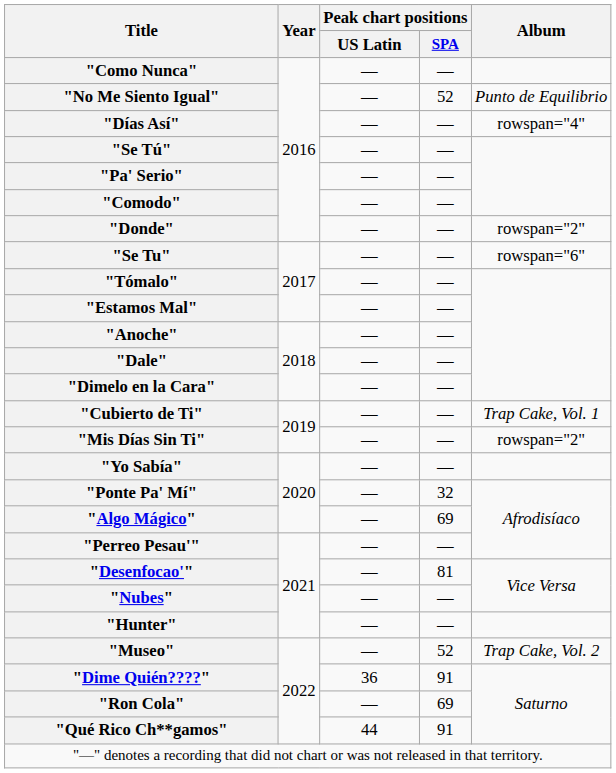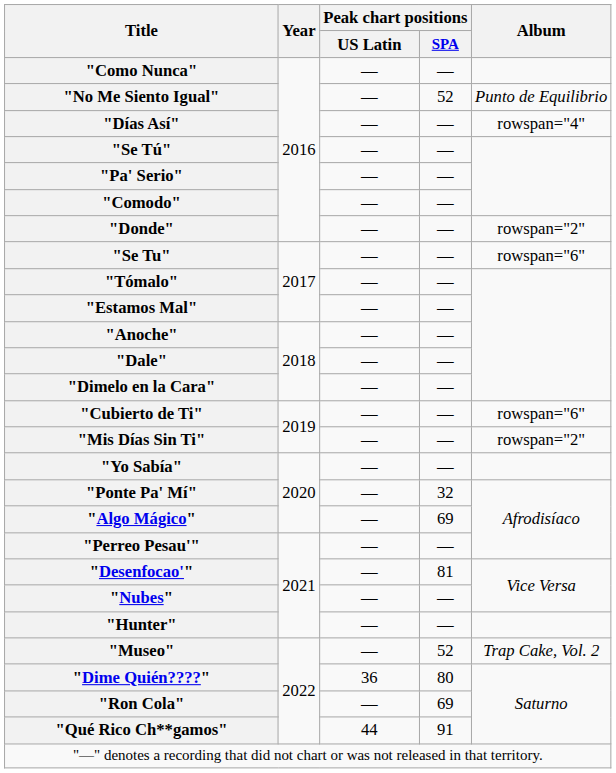 <table class="wikitable plainrowheaders" style="text-align:center;">
 <tr>
 <th scope="col" rowspan="2" style="width:16em;">Title</th>
 <th scope="col" rowspan="2">Year</th>
 <th colspan="2">Peak chart positions</th>
 <th scope="col" rowspan="2">Album</th>
 </tr>
 <tr>
 <th>US Latin</th>
 <th scope="col" style="width:3em;font-size:90%;"><a href='#'>SPA</a><br></th>
 </tr>
 <tr>
 <th scope="row">"Como Nunca"<br></th>
 <td rowspan="7">2016</td>
 <td>—</td>
 <td>—</td>
 <td></td>
 </tr>
 <tr>
 <th scope="row">"No Me Siento Igual"<br></th>
 <td>—</td>
 <td>52</td>
 <td><em>Punto de Equilibrio</em></td>
 </tr>
 <tr>
 <th scope="row">"Días Así"</th>
 <td>—</td>
 <td>—</td>
 <td>rowspan="4" </td>
 </tr>
 <tr>
 <th scope="row">"Se Tú"<br></th>
 <td>—</td>
 <td>—</td>
 </tr>
 <tr>
 <th scope="row">"Pa' Serio"<br></th>
 <td>—</td>
 <td>—</td>
 </tr>
 <tr>
 <th scope="row">"Comodo"</th>
 <td>—</td>
 <td>—</td>
 </tr>
 <tr>
 <th scope="row">"Donde"</th>
 <td>—</td>
 <td>—</td>
 <td>rowspan="2" </td>
 </tr>
 <tr>
 <th scope="row">"Se Tu"</th>
 <td rowspan="3">2017</td>
 <td>—</td>
 <td>—</td>
 <td>rowspan="6" </td>
 </tr>
 <tr>
 <th scope="row">"Tómalo"</th>
 <td>—</td>
 <td>—</td>
 </tr>
 <tr>
 <th scope="row">"Estamos Mal"</th>
 <td>—</td>
 <td>—</td>
 </tr>
 <tr>
 <th scope="row">"Anoche"</th>
 <td rowspan="3">2018</td>
 <td>—</td>
 <td>—</td>
 </tr>
 <tr>
 <th scope="row">"Dale"<br></th>
 <td>—</td>
 <td>—</td>
 </tr>
 <tr>
 <th scope="row">"Dimelo en la Cara"<br></th>
 <td>—</td>
 <td>—</td>
 </tr>
 <tr>
 <th scope="row">"Cubierto de Ti"<br></th>
 <td rowspan="2">2019</td>
 <td>—</td>
 <td>—</td>
-<td><em>Trap Cake, Vol. 1</em></td>
+<td>rowspan="6" </td>
 </tr>
 <tr>
 <th scope="row">"Mis Días Sin Ti"<br></th>
 <td>—</td>
 <td>—</td>
 <td>rowspan="2" </td>
 </tr>
 <tr>
 <th scope="row">"Yo Sabía"</th>
 <td rowspan="3">2020</td>
 <td>—</td>
 <td>—</td>
 </tr>
 <tr>
 <th scope="row">"Ponte Pa' Mí"<br></th>
 <td>—</td>
 <td>32</td>
 <td rowspan="3"><em>Afrodisíaco</em></td>
 </tr>
 <tr>
 <th scope="row">"<a href='#'>Algo Mágico</a>"</th>
 <td>—</td>
 <td>69</td>
 </tr>
 <tr>
 <th scope="row">"Perreo Pesau'"</th>
 <td rowspan="4">2021</td>
 <td>—</td>
 <td>—</td>
 </tr>
 <tr>
 <th scope="row">"<a href='#'>Desenfocao'</a>"</th>
 <td>—</td>
 <td>81</td>
 <td rowspan="2"><em>Vice Versa</em></td>
 </tr>
 <tr>
 <th scope="row">"<a href='#'>Nubes</a>"</th>
 <td>—</td>
 <td>—</td>
 </tr>
 <tr>
 <th scope="row">"Hunter"</th>
 <td>—</td>
 <td>—</td>
 <td></td>
 </tr>
 <tr>
 <th scope="row">"Museo"</th>
 <td rowspan="4">2022</td>
 <td>—</td>
 <td>52</td>
 <td><em>Trap Cake, Vol. 2</em></td>
 </tr>
 <tr>
 <th scope="row">"<a href='#'>Dime Quién????</a>"</th>
 <td>36</td>
-<td>91</td>
+<td>80</td>
 <td rowspan="3"><em>Saturno</em></td>
 </tr>
 <tr>
 <th scope="row">"Ron Cola"<br></th>
 <td>—</td>
 <td>69</td>
 </tr>
 <tr>
 <th scope="row">"Qué Rico Ch**gamos"</th>
 <td>44</td>
 <td>91</td>
 </tr>
 <tr>
 <td colspan="11" style="font-size:90%">"—" denotes a recording that did not chart or was not released in that territory.</td>
 </tr>
 </table>
